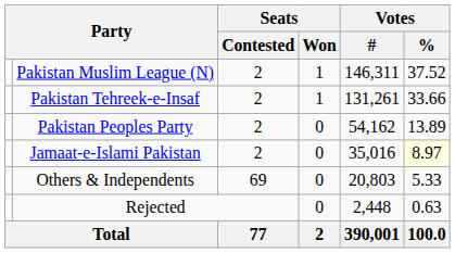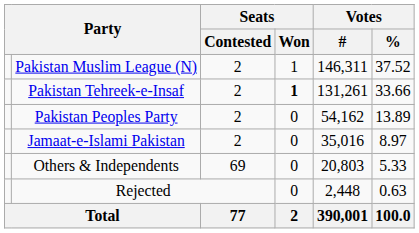 <table class="wikitable" style="text-align: center">
 <tr>
 <th colspan="2" rowspan="2">Party</th>
 <th colspan="2">Seats</th>
 <th colspan="2">Votes</th>
 </tr>
 <tr>
 <th>Contested</th>
 <th>Won</th>
 <th>#</th>
 <th>%</th>
 </tr>
 <tr>
 <td style="background:"></td>
 <td><a href='#'>Pakistan Muslim League (N)</a></td>
 <td>2</td>
 <td>1</td>
 <td>146,311</td>
 <td>37.52</td>
 </tr>
 <tr>
 <td style="background:"></td>
 <td><a href='#'>Pakistan Tehreek-e-Insaf</a></td>
 <td>2</td>
-<td>1</td>
+<td><strong>1</strong></td>
 <td>131,261</td>
 <td>33.66</td>
 </tr>
 <tr>
 <td style="background:"></td>
 <td><a href='#'>Pakistan Peoples Party</a></td>
 <td>2</td>
 <td>0</td>
 <td>54,162</td>
 <td>13.89</td>
 </tr>
 <tr>
 <td style="background:"></td>
 <td><a href='#'>Jamaat-e-Islami Pakistan</a></td>
 <td>2</td>
 <td>0</td>
 <td>35,016</td>
-<td style="background: lightyellow;">8.97</td>
+<td>8.97</td>
 </tr>
 <tr>
 <td style="background:"></td>
 <td>Others & Independents</td>
 <td>69</td>
 <td>0</td>
 <td>20,803</td>
 <td>5.33</td>
 </tr>
 <tr>
 <td style="background:"></td>
 <td colspan="2">Rejected</td>
 <td>0</td>
 <td>2,448</td>
 <td>0.63</td>
 </tr>
 <tr>
 <th colspan="2">Total</th>
 <th>77</th>
 <th>2</th>
 <th>390,001</th>
 <th>100.0</th>
 </tr>
 </table>
